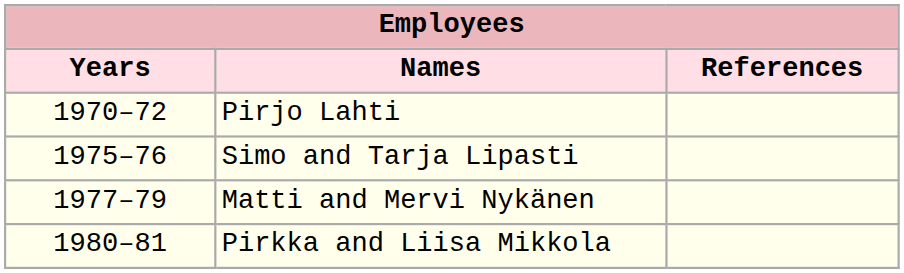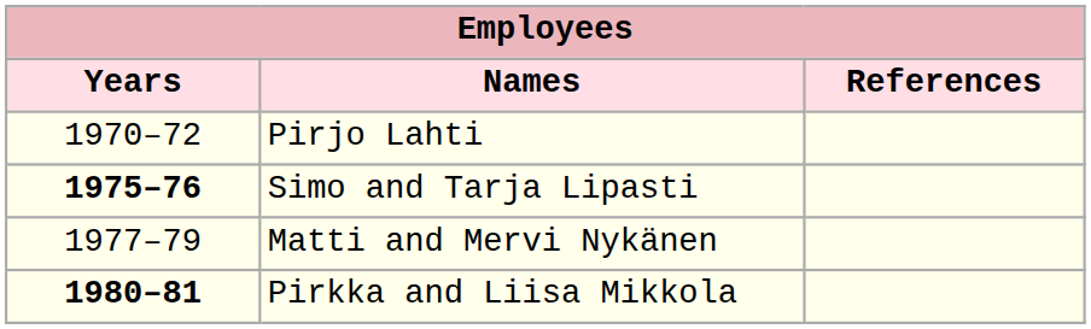 <table class="wikitable" style="font-size:95%; text-align:center; background:#FFFFEB ">
 <tr>
 <td style="background:#EBB7BD;" width=20 colspan=4><strong> Employees</strong></td>
 </tr>
 <tr>
 <th width=90 style=background:#FFDFE5>Years</th>
 <th width=200 style=background:#FFDFE5>Names</th>
 <th width=100 style=background:#FFDFE5>References</th>
 </tr>
 <tr>
 <td>1970–72</td>
 <td align=left>Pirjo Lahti</td>
 <td></td>
 </tr>
 <tr>
-<td>1975–76</td>
+<td><strong>1975–76</strong></td>
 <td align=left>Simo and Tarja Lipasti</td>
 <td></td>
 </tr>
 <tr>
 <td>1977–79</td>
 <td align=left>Matti and Mervi Nykänen</td>
 <td></td>
 </tr>
 <tr>
-<td>1980–81</td>
+<td><strong>1980–81</strong></td>
 <td align=left>Pirkka and Liisa Mikkola</td>
 <td></td>
 </tr>
 </table>
